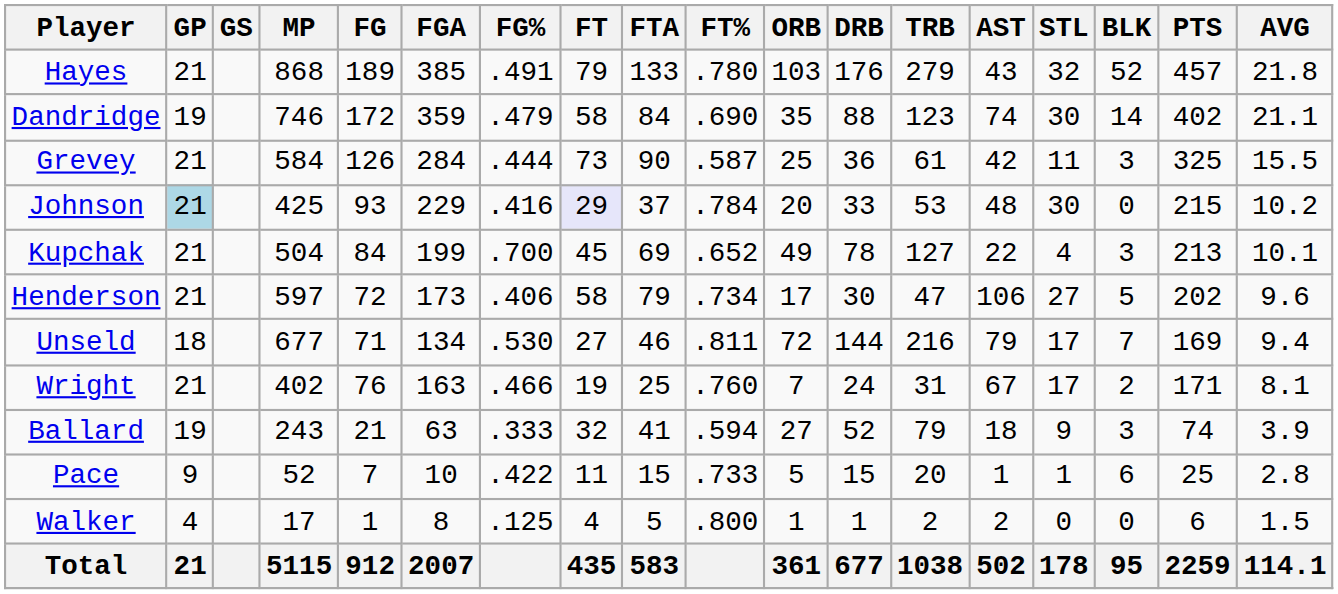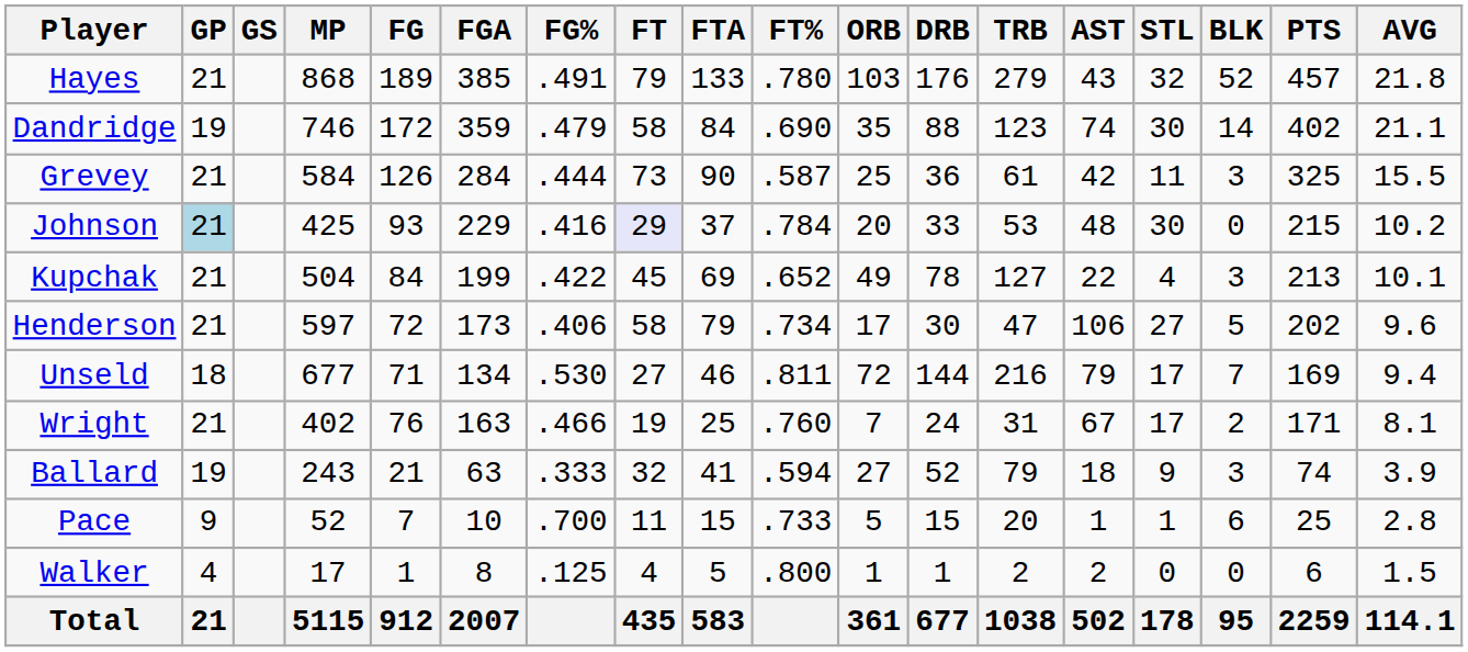 <table class="wikitable">
 <tr>
 <th>Player</th>
 <th>GP</th>
 <th>GS</th>
 <th>MP</th>
 <th>FG</th>
 <th>FGA</th>
 <th>FG%</th>
 <th>FT</th>
 <th>FTA</th>
 <th>FT%</th>
 <th>ORB</th>
 <th>DRB</th>
 <th>TRB</th>
 <th>AST</th>
 <th>STL</th>
 <th>BLK</th>
 <th>PTS</th>
 <th>AVG</th>
 </tr>
 <tr align="center">
 <td><a href='#'>Hayes</a></td>
 <td>21</td>
 <td></td>
 <td>868</td>
 <td>189</td>
 <td>385</td>
 <td>.491</td>
 <td>79</td>
 <td>133</td>
 <td>.780</td>
 <td>103</td>
 <td>176</td>
 <td>279</td>
 <td>43</td>
 <td>32</td>
 <td>52</td>
 <td>457</td>
 <td>21.8</td>
 </tr>
 <tr align="center">
 <td><a href='#'>Dandridge</a></td>
 <td>19</td>
 <td></td>
 <td>746</td>
 <td>172</td>
 <td>359</td>
 <td>.479</td>
 <td>58</td>
 <td>84</td>
 <td>.690</td>
 <td>35</td>
 <td>88</td>
 <td>123</td>
 <td>74</td>
 <td>30</td>
 <td>14</td>
 <td>402</td>
 <td>21.1</td>
 </tr>
 <tr align="center">
 <td><a href='#'>Grevey</a></td>
 <td>21</td>
 <td></td>
 <td>584</td>
 <td>126</td>
 <td>284</td>
 <td>.444</td>
 <td>73</td>
 <td>90</td>
 <td>.587</td>
 <td>25</td>
 <td>36</td>
 <td>61</td>
 <td>42</td>
 <td>11</td>
 <td>3</td>
 <td>325</td>
 <td>15.5</td>
 </tr>
 <tr align="center">
 <td><a href='#'>Johnson</a></td>
 <td style="background: lightblue;">21</td>
 <td></td>
 <td>425</td>
 <td>93</td>
 <td>229</td>
 <td>.416</td>
 <td style="background: lavender;">29</td>
 <td>37</td>
 <td>.784</td>
 <td>20</td>
 <td>33</td>
 <td>53</td>
 <td>48</td>
 <td>30</td>
 <td>0</td>
 <td>215</td>
 <td>10.2</td>
 </tr>
 <tr align="center">
 <td><a href='#'>Kupchak</a></td>
 <td>21</td>
 <td></td>
 <td>504</td>
 <td>84</td>
 <td>199</td>
-<td>.700</td>
+<td>.422</td>
 <td>45</td>
 <td>69</td>
 <td>.652</td>
 <td>49</td>
 <td>78</td>
 <td>127</td>
 <td>22</td>
 <td>4</td>
 <td>3</td>
 <td>213</td>
 <td>10.1</td>
 </tr>
 <tr align="center">
 <td><a href='#'>Henderson</a></td>
 <td>21</td>
 <td></td>
 <td>597</td>
 <td>72</td>
 <td>173</td>
 <td>.406</td>
 <td>58</td>
 <td>79</td>
 <td>.734</td>
 <td>17</td>
 <td>30</td>
 <td>47</td>
 <td>106</td>
 <td>27</td>
 <td>5</td>
 <td>202</td>
 <td>9.6</td>
 </tr>
 <tr align="center">
 <td><a href='#'>Unseld</a></td>
 <td>18</td>
 <td></td>
 <td>677</td>
 <td>71</td>
 <td>134</td>
 <td>.530</td>
 <td>27</td>
 <td>46</td>
 <td>.811</td>
 <td>72</td>
 <td>144</td>
 <td>216</td>
 <td>79</td>
 <td>17</td>
 <td>7</td>
 <td>169</td>
 <td>9.4</td>
 </tr>
 <tr align="center">
 <td><a href='#'>Wright</a></td>
 <td>21</td>
 <td></td>
 <td>402</td>
 <td>76</td>
 <td>163</td>
 <td>.466</td>
 <td>19</td>
 <td>25</td>
 <td>.760</td>
 <td>7</td>
 <td>24</td>
 <td>31</td>
 <td>67</td>
 <td>17</td>
 <td>2</td>
 <td>171</td>
 <td>8.1</td>
 </tr>
 <tr align="center">
 <td><a href='#'>Ballard</a></td>
 <td>19</td>
 <td></td>
 <td>243</td>
 <td>21</td>
 <td>63</td>
 <td>.333</td>
 <td>32</td>
 <td>41</td>
 <td>.594</td>
 <td>27</td>
 <td>52</td>
 <td>79</td>
 <td>18</td>
 <td>9</td>
 <td>3</td>
 <td>74</td>
 <td>3.9</td>
 </tr>
 <tr align="center">
 <td><a href='#'>Pace</a></td>
 <td>9</td>
 <td></td>
 <td>52</td>
 <td>7</td>
 <td>10</td>
-<td>.422</td>
+<td>.700</td>
 <td>11</td>
 <td>15</td>
 <td>.733</td>
 <td>5</td>
 <td>15</td>
 <td>20</td>
 <td>1</td>
 <td>1</td>
 <td>6</td>
 <td>25</td>
 <td>2.8</td>
 </tr>
 <tr align="center">
 <td><a href='#'>Walker</a></td>
 <td>4</td>
 <td></td>
 <td>17</td>
 <td>1</td>
 <td>8</td>
 <td>.125</td>
 <td>4</td>
 <td>5</td>
 <td>.800</td>
 <td>1</td>
 <td>1</td>
 <td>2</td>
 <td>2</td>
 <td>0</td>
 <td>0</td>
 <td>6</td>
 <td>1.5</td>
 </tr>
 <tr align="center">
 <th><strong>Total</strong></th>
 <th><strong>21</strong></th>
 <th></th>
 <th><strong>5115</strong></th>
 <th><strong>912</strong></th>
 <th><strong>2007</strong></th>
 <th></th>
 <th><strong>435</strong></th>
 <th><strong>583</strong></th>
 <th></th>
 <th><strong>361</strong></th>
 <th><strong>677</strong></th>
 <th><strong>1038</strong></th>
 <th><strong>502</strong></th>
 <th><strong>178</strong></th>
 <th><strong>95</strong></th>
 <th><strong>2259</strong></th>
 <th><strong>114.1</strong></th>
 </tr>
 <tr>
 </tr>
 </table>
